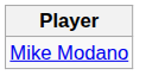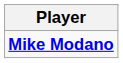 <table class="wikitable">
 <tr>
 <th>Player</th>
 </tr>
 <tr>
-<td><a href='#'>Mike Modano</a></td>
+<td><strong><a href='#'>Mike Modano</a></strong></td>
 </tr>
 </table>
